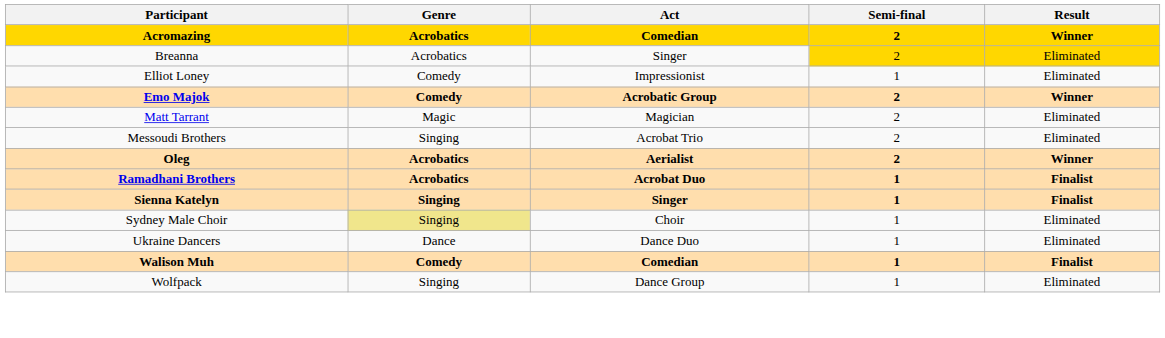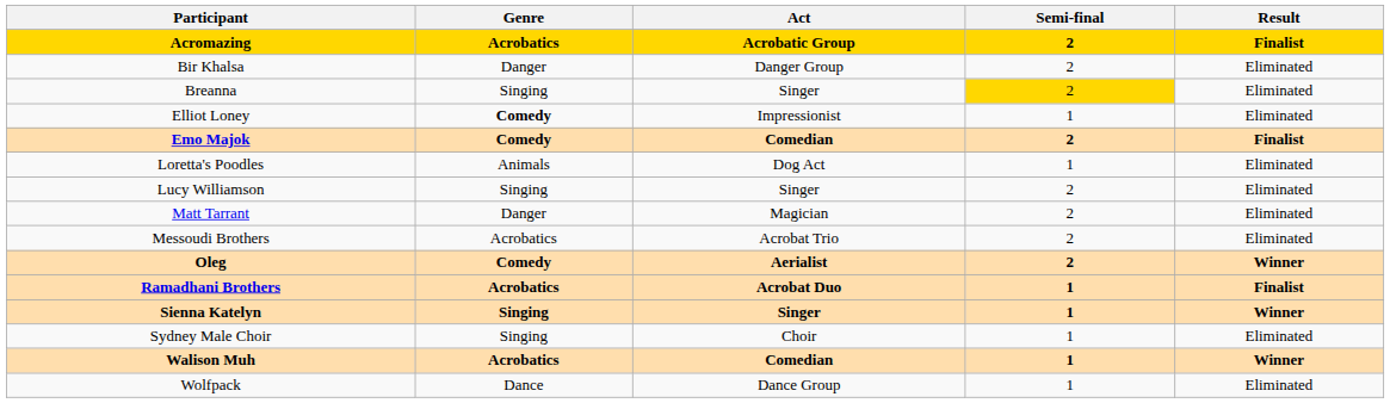 <table class="wikitable sortable" style="margin-left: auto; margin-right: auto; border: none; width:90%; text-align:center;">
 <tr>
 <th>Participant</th>
 <th>Genre</th>
 <th class="unsortable">Act</th>
 <th>Semi-final</th>
 <th>Result</th>
 </tr>
 <tr style="background:gold">
 <td><strong>Acromazing</strong></td>
 <td><strong>Acrobatics</strong></td>
-<td><strong>Comedian</strong></td>
+<td><strong>Acrobatic Group</strong></td>
 <td><strong>2</strong></td>
-<td><strong>Winner</strong></td>
+<td><strong>Finalist</strong></td>
+</tr>
+<tr>
+<td>Bir Khalsa</td>
+<td>Danger</td>
+<td>Danger Group</td>
+<td>2</td>
+<td>Eliminated</td>
 </tr>
 <tr>
 <td>Breanna </td>
-<td>Acrobatics</td>
+<td>Singing</td>
 <td>Singer</td>
 <td style="background: gold;">2</td>
-<td style="background: gold;">Eliminated</td>
+<td>Eliminated</td>
 </tr>
 <tr>
 <td>Elliot Loney</td>
-<td>Comedy</td>
+<td><strong>Comedy</strong></td>
 <td>Impressionist</td>
 <td>1</td>
 <td>Eliminated</td>
 </tr>
 <tr style="background:NavajoWhite">
 <td><strong><a href='#'>Emo Majok</a></strong> </td>
 <td><strong>Comedy</strong></td>
-<td><strong>Acrobatic Group</strong></td>
+<td><strong>Comedian</strong></td>
 <td><strong>2</strong></td>
-<td><strong>Winner</strong></td>
+<td><strong>Finalist</strong></td>
+</tr>
+<tr>
+<td>Loretta's Poodles</td>
+<td>Animals</td>
+<td>Dog Act</td>
+<td>1</td>
+<td>Eliminated</td>
+</tr>
+<tr>
+<td>Lucy Williamson</td>
+<td>Singing</td>
+<td>Singer</td>
+<td>2</td>
+<td>Eliminated</td>
 </tr>
 <tr>
 <td><a href='#'>Matt Tarrant</a></td>
-<td>Magic</td>
+<td>Danger</td>
 <td>Magician</td>
 <td>2</td>
 <td>Eliminated</td>
 </tr>
 <tr>
 <td>Messoudi Brothers</td>
-<td>Singing</td>
+<td>Acrobatics</td>
 <td>Acrobat Trio</td>
 <td>2</td>
 <td>Eliminated</td>
 </tr>
 <tr style="background:NavajoWhite">
 <td><strong>Oleg</strong></td>
-<td><strong>Acrobatics</strong></td>
+<td><strong>Comedy</strong></td>
 <td><strong>Aerialist</strong></td>
 <td><strong>2</strong></td>
 <td><strong>Winner</strong></td>
 </tr>
 <tr style="background:NavajoWhite">
 <td><strong><a href='#'>Ramadhani Brothers</a></strong> </td>
 <td><strong>Acrobatics</strong></td>
 <td><strong>Acrobat Duo</strong></td>
 <td><strong>1</strong></td>
 <td><strong>Finalist</strong></td>
 </tr>
 <tr style="background:NavajoWhite">
 <td><strong>Sienna Katelyn</strong></td>
 <td><strong>Singing</strong></td>
 <td><strong>Singer</strong></td>
 <td><strong>1</strong></td>
-<td><strong>Finalist</strong></td>
+<td><strong>Winner</strong></td>
 </tr>
 <tr>
 <td>Sydney Male Choir</td>
-<td style="background: khaki;">Singing</td>
+<td>Singing</td>
 <td>Choir</td>
-<td>1</td>
-<td>Eliminated</td>
-</tr>
-<tr>
-<td>Ukraine Dancers </td>
-<td>Dance</td>
-<td>Dance Duo</td>
 <td>1</td>
 <td>Eliminated</td>
 </tr>
 <tr style="background:NavajoWhite">
 <td><strong>Walison Muh</strong></td>
-<td><strong>Comedy</strong></td>
+<td><strong>Acrobatics</strong></td>
 <td><strong>Comedian</strong></td>
 <td><strong>1</strong></td>
-<td><strong>Finalist</strong></td>
+<td><strong>Winner</strong></td>
 </tr>
 <tr>
 <td>Wolfpack </td>
-<td>Singing</td>
+<td>Dance</td>
 <td>Dance Group</td>
 <td>1</td>
 <td>Eliminated</td>
 </tr>
 </table>
